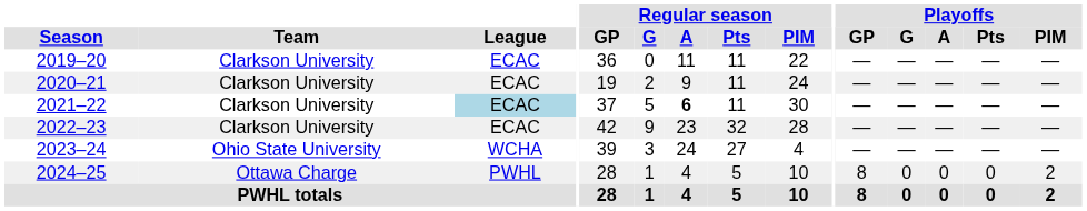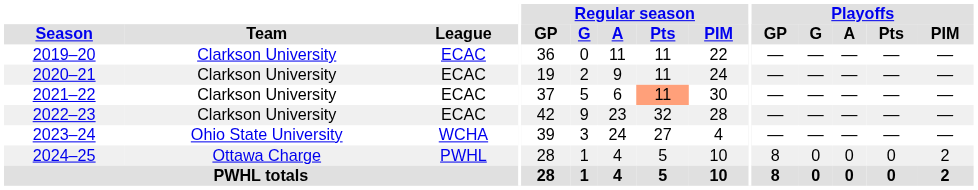 <table border="0" cellpadding="1" cellspacing="0" style="text-align:center; width:60em">
 <tr bgcolor="#e0e0e0">
 <th colspan="3" bgcolor="#ffffff"></th>
 <th rowspan="97" bgcolor="#ffffff"></th>
 <th colspan="5"><a href='#'>Regular season</a></th>
 <th rowspan="97" bgcolor="#ffffff"></th>
 <th colspan="5"><a href='#'>Playoffs</a></th>
 </tr>
 <tr bgcolor="#e0e0e0">
 <th><a href='#'>Season</a></th>
 <th>Team</th>
 <th>League</th>
 <th>GP</th>
 <th><a href='#'>G</a></th>
 <th><a href='#'>A</a></th>
 <th><a href='#'>Pts</a></th>
 <th><a href='#'>PIM</a></th>
 <th>GP</th>
 <th>G</th>
 <th>A</th>
 <th>Pts</th>
 <th>PIM</th>
 </tr>
 <tr>
 <td><a href='#'>2019–20</a></td>
 <td><a href='#'>Clarkson University</a></td>
 <td><a href='#'>ECAC</a></td>
 <td>36</td>
 <td>0</td>
 <td>11</td>
 <td>11</td>
 <td>22</td>
 <td>—</td>
 <td>—</td>
 <td>—</td>
 <td>—</td>
 <td>—</td>
 </tr>
 <tr bgcolor="#f0f0f0">
 <td><a href='#'>2020–21</a></td>
 <td>Clarkson University</td>
 <td>ECAC</td>
 <td>19</td>
 <td>2</td>
 <td>9</td>
 <td>11</td>
 <td>24</td>
 <td>—</td>
 <td>—</td>
 <td>—</td>
 <td>—</td>
 <td>—</td>
 </tr>
 <tr>
 <td><a href='#'>2021–22</a></td>
 <td>Clarkson University</td>
-<td style="background: lightblue;">ECAC</td>
+<td>ECAC</td>
 <td>37</td>
 <td>5</td>
-<td><strong>6</strong></td>
-<td>11</td>
+<td>6</td>
+<td style="background: lightsalmon;">11</td>
 <td>30</td>
 <td>—</td>
 <td>—</td>
 <td>—</td>
 <td>—</td>
 <td>—</td>
 </tr>
 <tr bgcolor="#f0f0f0">
 <td><a href='#'>2022–23</a></td>
 <td>Clarkson University</td>
 <td>ECAC</td>
 <td>42</td>
 <td>9</td>
 <td>23</td>
 <td>32</td>
 <td>28</td>
 <td>—</td>
 <td>—</td>
 <td>—</td>
 <td>—</td>
 <td>—</td>
 </tr>
 <tr>
 <td><a href='#'>2023–24</a></td>
 <td><a href='#'>Ohio State University</a></td>
 <td><a href='#'>WCHA</a></td>
 <td>39</td>
 <td>3</td>
 <td>24</td>
 <td>27</td>
 <td>4</td>
 <td>—</td>
 <td>—</td>
 <td>—</td>
 <td>—</td>
 <td>—</td>
 </tr>
 <tr bgcolor="#f0f0f0">
 <td><a href='#'>2024–25</a></td>
 <td><a href='#'>Ottawa Charge</a></td>
 <td><a href='#'>PWHL</a></td>
 <td>28</td>
 <td>1</td>
 <td>4</td>
 <td>5</td>
 <td>10</td>
 <td>8</td>
 <td>0</td>
 <td>0</td>
 <td>0</td>
 <td>2</td>
 </tr>
 <tr bgcolor="#e0e0e0">
 <th colspan="3">PWHL totals</th>
 <th>28</th>
 <th>1</th>
 <th>4</th>
 <th>5</th>
 <th>10</th>
 <th>8</th>
 <th>0</th>
 <th>0</th>
 <th>0</th>
 <th>2</th>
 </tr>
 </table>
